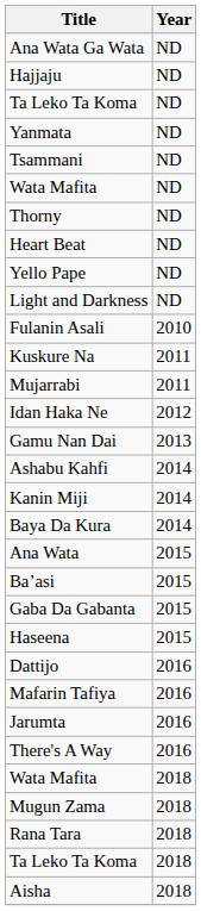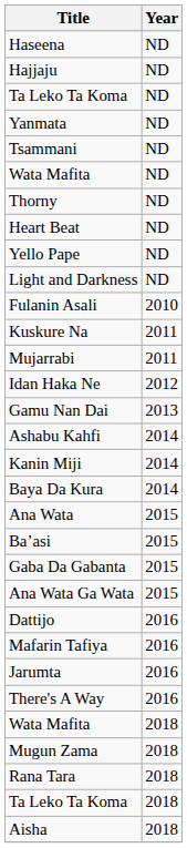 <table class="wikitable sortable">
 <tr style="background:#b0c4de; text-align:center;">
 <th>Title</th>
 <th>Year</th>
 </tr>
 <tr>
-<td>Ana Wata Ga Wata</td>
+<td>Haseena</td>
 <td>ND</td>
 </tr>
 <tr>
 <td>Hajjaju</td>
 <td>ND</td>
 </tr>
 <tr>
 <td>Ta Leko Ta Koma</td>
 <td>ND</td>
 </tr>
 <tr>
 <td>Yanmata</td>
 <td>ND</td>
 </tr>
 <tr>
 <td>Tsammani</td>
 <td>ND</td>
 </tr>
 <tr>
 <td>Wata Mafita</td>
 <td>ND</td>
 </tr>
 <tr>
 <td>Thorny</td>
 <td>ND</td>
 </tr>
 <tr>
 <td>Heart Beat</td>
 <td>ND</td>
 </tr>
 <tr>
 <td>Yello Pape</td>
 <td>ND</td>
 </tr>
 <tr>
 <td>Light and Darkness</td>
 <td>ND</td>
 </tr>
 <tr>
 <td>Fulanin Asali</td>
 <td>2010</td>
 </tr>
 <tr>
 <td>Kuskure Na</td>
 <td>2011</td>
 </tr>
 <tr>
 <td>Mujarrabi</td>
 <td>2011</td>
 </tr>
 <tr>
 <td>Idan Haka Ne</td>
 <td>2012</td>
 </tr>
 <tr>
 <td>Gamu Nan Dai</td>
 <td>2013</td>
 </tr>
 <tr>
 <td>Ashabu Kahfi</td>
 <td>2014</td>
 </tr>
 <tr>
 <td>Kanin Miji</td>
 <td>2014</td>
 </tr>
 <tr>
 <td>Baya Da Kura</td>
 <td>2014</td>
 </tr>
 <tr>
 <td>Ana Wata</td>
 <td>2015</td>
 </tr>
 <tr>
 <td>Ba’asi</td>
 <td>2015</td>
 </tr>
 <tr>
 <td>Gaba Da Gabanta</td>
 <td>2015</td>
 </tr>
 <tr>
-<td>Haseena</td>
+<td>Ana Wata Ga Wata</td>
 <td>2015</td>
 </tr>
 <tr>
 <td>Dattijo</td>
 <td>2016</td>
 </tr>
 <tr>
 <td>Mafarin Tafiya</td>
 <td>2016</td>
 </tr>
 <tr>
 <td>Jarumta</td>
 <td>2016</td>
 </tr>
 <tr>
 <td>There's A Way</td>
 <td>2016</td>
 </tr>
 <tr>
 <td>Wata Mafita</td>
 <td>2018</td>
 </tr>
 <tr>
 <td>Mugun Zama</td>
 <td>2018</td>
 </tr>
 <tr>
 <td>Rana Tara</td>
 <td>2018</td>
 </tr>
 <tr>
 <td>Ta Leko Ta Koma</td>
 <td>2018</td>
 </tr>
 <tr>
 <td>Aisha</td>
 <td>2018</td>
 </tr>
 <tr>
 </tr>
 </table>
